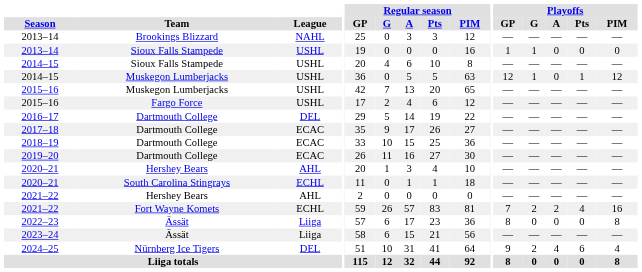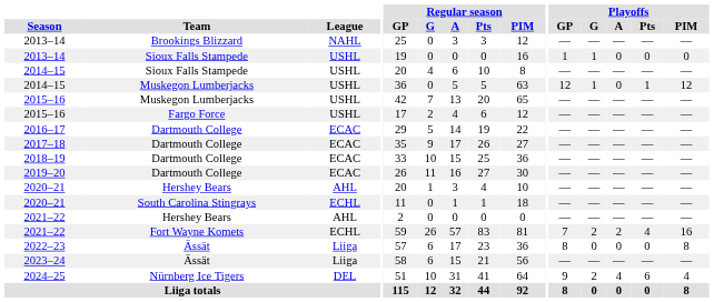 <table border="0" cellpadding="1" cellspacing="0" style="text-align:center; width:60em">
 <tr bgcolor="#e0e0e0">
 <th colspan="3" bgcolor="#ffffff"></th>
 <th rowspan="99" bgcolor="#ffffff"></th>
 <th colspan="5"><a href='#'>Regular season</a></th>
 <th rowspan="99" bgcolor="#ffffff"></th>
 <th colspan="5"><a href='#'>Playoffs</a></th>
 </tr>
 <tr bgcolor="#e0e0e0">
 <th><a href='#'>Season</a></th>
 <th>Team</th>
 <th>League</th>
 <th>GP</th>
 <th><a href='#'>G</a></th>
 <th><a href='#'>A</a></th>
 <th><a href='#'>Pts</a></th>
 <th><a href='#'>PIM</a></th>
 <th>GP</th>
 <th>G</th>
 <th>A</th>
 <th>Pts</th>
 <th>PIM</th>
 </tr>
 <tr>
 <td>2013–14</td>
 <td><a href='#'>Brookings Blizzard</a></td>
 <td><a href='#'>NAHL</a></td>
 <td>25</td>
 <td>0</td>
 <td>3</td>
 <td>3</td>
 <td>12</td>
 <td>—</td>
 <td>—</td>
 <td>—</td>
 <td>—</td>
 <td>—</td>
 </tr>
 <tr bgcolor="#f0f0f0">
 <td><a href='#'>2013–14</a></td>
 <td><a href='#'>Sioux Falls Stampede</a></td>
 <td><a href='#'>USHL</a></td>
 <td>19</td>
 <td>0</td>
 <td>0</td>
 <td>0</td>
 <td>16</td>
 <td>1</td>
 <td>1</td>
 <td>0</td>
 <td>0</td>
 <td>0</td>
 </tr>
 <tr>
 <td><a href='#'>2014–15</a></td>
 <td>Sioux Falls Stampede</td>
 <td>USHL</td>
 <td>20</td>
 <td>4</td>
 <td>6</td>
 <td>10</td>
 <td>8</td>
 <td>—</td>
 <td>—</td>
 <td>—</td>
 <td>—</td>
 <td>—</td>
 </tr>
 <tr bgcolor="#f0f0f0">
 <td>2014–15</td>
 <td><a href='#'>Muskegon Lumberjacks</a></td>
 <td>USHL</td>
 <td>36</td>
 <td>0</td>
 <td>5</td>
 <td>5</td>
 <td>63</td>
 <td>12</td>
 <td>1</td>
 <td>0</td>
 <td>1</td>
 <td>12</td>
 </tr>
 <tr>
 <td><a href='#'>2015–16</a></td>
 <td>Muskegon Lumberjacks</td>
 <td>USHL</td>
 <td>42</td>
 <td>7</td>
 <td>13</td>
 <td>20</td>
 <td>65</td>
 <td>—</td>
 <td>—</td>
 <td>—</td>
 <td>—</td>
 <td>—</td>
 </tr>
 <tr bgcolor="#f0f0f0">
 <td>2015–16</td>
 <td><a href='#'>Fargo Force</a></td>
 <td>USHL</td>
 <td>17</td>
 <td>2</td>
 <td>4</td>
 <td>6</td>
 <td>12</td>
 <td>—</td>
 <td>—</td>
 <td>—</td>
 <td>—</td>
 <td>—</td>
 </tr>
 <tr>
 <td><a href='#'>2016–17</a></td>
 <td><a href='#'>Dartmouth College</a></td>
-<td><a href='#'>DEL</a></td>
+<td><a href='#'>ECAC</a></td>
 <td>29</td>
 <td>5</td>
 <td>14</td>
 <td>19</td>
 <td>22</td>
 <td>—</td>
 <td>—</td>
 <td>—</td>
 <td>—</td>
 <td>—</td>
 </tr>
 <tr bgcolor="#f0f0f0">
 <td><a href='#'>2017–18</a></td>
 <td>Dartmouth College</td>
 <td>ECAC</td>
 <td>35</td>
 <td>9</td>
 <td>17</td>
 <td>26</td>
 <td>27</td>
 <td>—</td>
 <td>—</td>
 <td>—</td>
 <td>—</td>
 <td>—</td>
 </tr>
 <tr>
 <td><a href='#'>2018–19</a></td>
 <td>Dartmouth College</td>
 <td>ECAC</td>
 <td>33</td>
 <td>10</td>
 <td>15</td>
 <td>25</td>
 <td>36</td>
 <td>—</td>
 <td>—</td>
 <td>—</td>
 <td>—</td>
 <td>—</td>
 </tr>
 <tr bgcolor="#f0f0f0">
 <td><a href='#'>2019–20</a></td>
 <td>Dartmouth College</td>
 <td>ECAC</td>
 <td>26</td>
 <td>11</td>
 <td>16</td>
 <td>27</td>
 <td>30</td>
 <td>—</td>
 <td>—</td>
 <td>—</td>
 <td>—</td>
 <td>—</td>
 </tr>
 <tr>
 <td><a href='#'>2020–21</a></td>
 <td><a href='#'>Hershey Bears</a></td>
 <td><a href='#'>AHL</a></td>
 <td>20</td>
 <td>1</td>
 <td>3</td>
 <td>4</td>
 <td>10</td>
 <td>—</td>
 <td>—</td>
 <td>—</td>
 <td>—</td>
 <td>—</td>
 </tr>
 <tr bgcolor="#f0f0f0">
 <td><a href='#'>2020–21</a></td>
 <td><a href='#'>South Carolina Stingrays</a></td>
 <td><a href='#'>ECHL</a></td>
 <td>11</td>
 <td>0</td>
 <td>1</td>
 <td>1</td>
 <td>18</td>
 <td>—</td>
 <td>—</td>
 <td>—</td>
 <td>—</td>
 <td>—</td>
 </tr>
 <tr>
 <td><a href='#'>2021–22</a></td>
 <td>Hershey Bears</td>
 <td>AHL</td>
 <td>2</td>
 <td>0</td>
 <td>0</td>
 <td>0</td>
 <td>0</td>
 <td>—</td>
 <td>—</td>
 <td>—</td>
 <td>—</td>
 <td>—</td>
 </tr>
 <tr bgcolor="#f0f0f0">
 <td><a href='#'>2021–22</a></td>
 <td><a href='#'>Fort Wayne Komets</a></td>
 <td>ECHL</td>
 <td>59</td>
 <td>26</td>
 <td>57</td>
 <td>83</td>
 <td>81</td>
 <td>7</td>
 <td>2</td>
 <td>2</td>
 <td>4</td>
 <td>16</td>
 </tr>
 <tr>
 <td><a href='#'>2022–23</a></td>
 <td><a href='#'>Ässät</a></td>
 <td><a href='#'>Liiga</a></td>
 <td>57</td>
 <td>6</td>
 <td>17</td>
 <td>23</td>
 <td>36</td>
 <td>8</td>
 <td>0</td>
 <td>0</td>
 <td>0</td>
 <td>8</td>
 </tr>
 <tr bgcolor="#f0f0f0">
 <td><a href='#'>2023–24</a></td>
 <td>Ässät</td>
 <td>Liiga</td>
 <td>58</td>
 <td>6</td>
 <td>15</td>
 <td>21</td>
 <td>56</td>
 <td>—</td>
 <td>—</td>
 <td>—</td>
 <td>—</td>
 <td>—</td>
 </tr>
 <tr>
 <td><a href='#'>2024–25</a></td>
 <td><a href='#'>Nürnberg Ice Tigers</a></td>
 <td><a href='#'>DEL</a></td>
 <td>51</td>
 <td>10</td>
 <td>31</td>
 <td>41</td>
 <td>64</td>
 <td>9</td>
 <td>2</td>
 <td>4</td>
 <td>6</td>
 <td>4</td>
 </tr>
 <tr bgcolor="#e0e0e0">
 <th colspan="3">Liiga totals</th>
 <th>115</th>
 <th>12</th>
 <th>32</th>
 <th>44</th>
 <th>92</th>
 <th>8</th>
 <th>0</th>
 <th>0</th>
 <th>0</th>
 <th>8</th>
 </tr>
 </table>
